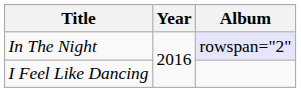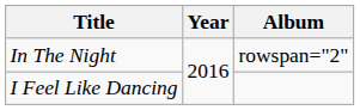 <table class="wikitable">
 <tr>
 <th>Title</th>
 <th>Year</th>
 <th>Album</th>
 </tr>
 <tr>
 <td><em>In The Night</em></td>
 <td rowspan="2">2016</td>
-<td style="background: lavender;">rowspan="2" </td>
+<td>rowspan="2" </td>
 </tr>
 <tr>
 <td><em>I Feel Like Dancing</em></td>
 </tr>
 </table>
